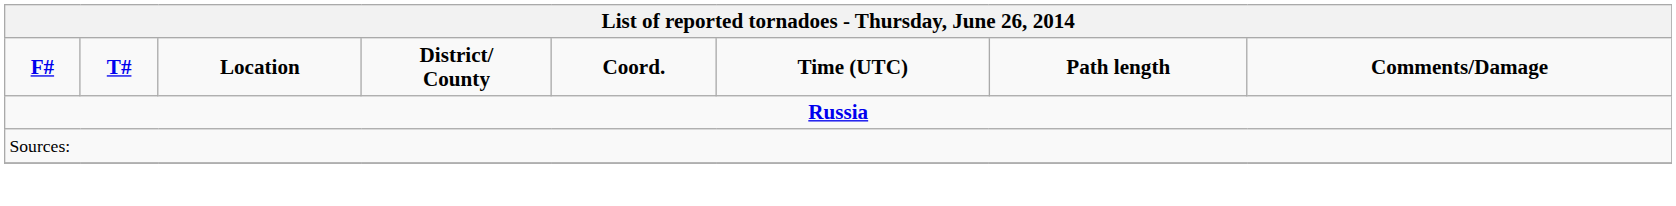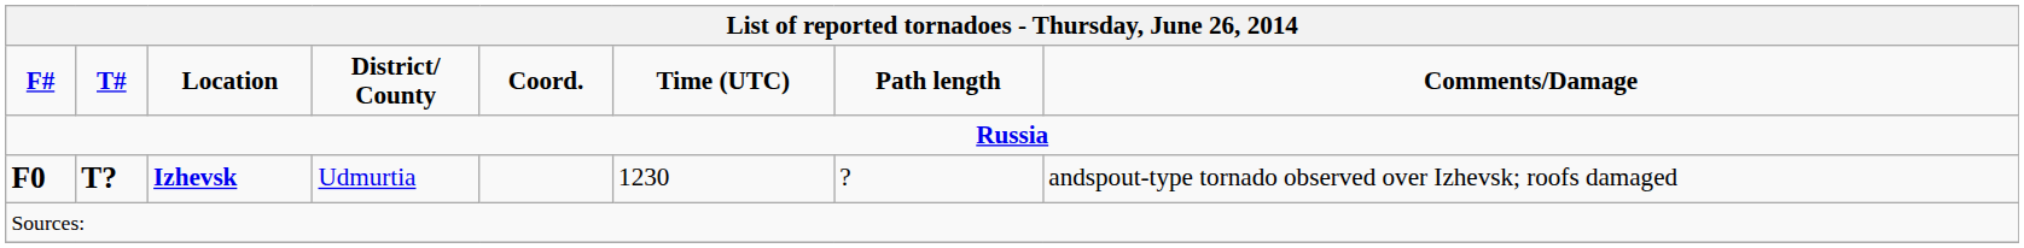 <table class="wikitable collapsible" width="100%">
 <tr>
 <th colspan="8">List of reported tornadoes - Thursday, June 26, 2014</th>
 </tr>
 <tr>
 <td style="text-align: center;"><strong><a href='#'>F#</a></strong></td>
 <td style="text-align: center;"><strong><a href='#'>T#</a></strong></td>
 <td style="text-align: center;"><strong>Location</strong></td>
 <td style="text-align: center;"><strong>District/<br>County</strong></td>
 <td style="text-align: center;"><strong>Coord.</strong></td>
 <td style="text-align: center;"><strong>Time (UTC)</strong></td>
 <td style="text-align: center;"><strong>Path length</strong></td>
 <td style="text-align: center;"><strong>Comments/Damage</strong></td>
 </tr>
 <tr>
 <td colspan="8" align=center><strong><a href='#'>Russia</a></strong></td>
 </tr>
 <tr>
+<td><big><strong>F0</strong></big></td>
+<td><big><strong>T?</strong></big></td>
+<td><strong><a href='#'>Izhevsk</a></strong></td>
+<td><a href='#'>Udmurtia</a></td>
+<td></td>
+<td>1230</td>
+<td>?</td>
+<td>andspout-type tornado observed over Izhevsk; roofs damaged</td>
+</tr>
+<tr>
 <td colspan="8"><small>Sources:</small></td>
 </tr>
 <tr>
 </tr>
 </table>
